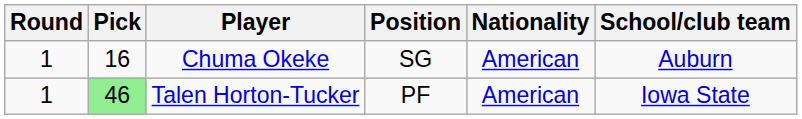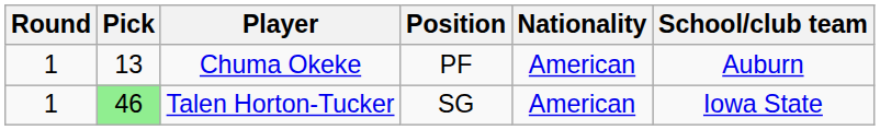 <table class="wikitable sortable sortable">
 <tr>
 <th>Round</th>
 <th>Pick</th>
 <th>Player</th>
 <th>Position</th>
 <th>Nationality</th>
 <th>School/club team</th>
 </tr>
 <tr style="text-align: center">
 <td>1</td>
-<td>16</td>
+<td>13</td>
 <td><a href='#'>Chuma Okeke</a></td>
-<td>SG</td>
+<td>PF</td>
 <td> <a href='#'>American</a></td>
 <td><a href='#'>Auburn</a></td>
 </tr>
 <tr style="text-align: center">
 <td>1</td>
 <td style="background: lightgreen;">46</td>
 <td><a href='#'>Talen Horton-Tucker</a></td>
-<td>PF</td>
+<td>SG</td>
 <td> <a href='#'>American</a></td>
 <td><a href='#'>Iowa State</a></td>
 </tr>
 </table>
